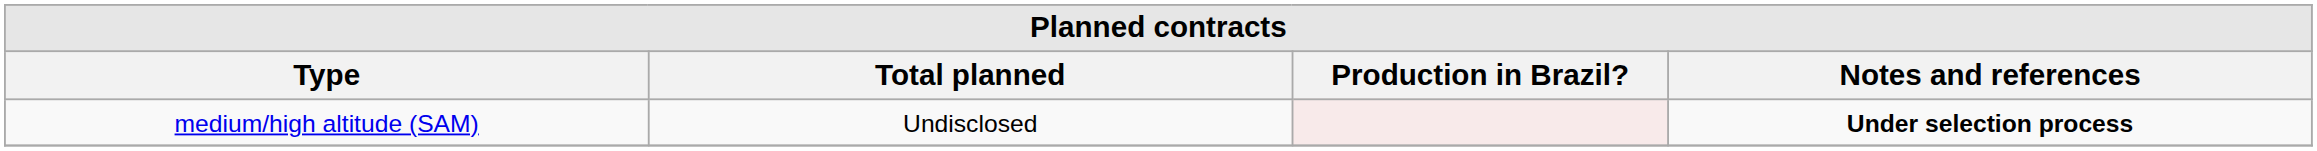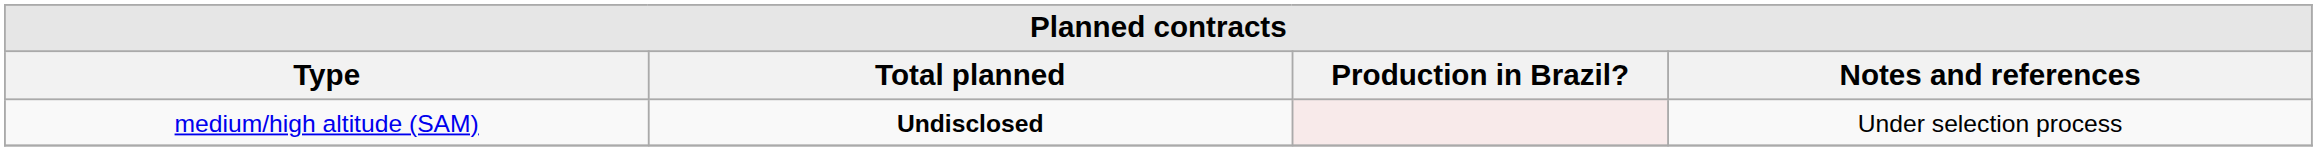 <table class="wikitable" style="text-align:center;">
 <tr>
 <th colspan="6" style="background: #E6E6E6;">Planned contracts</th>
 </tr>
 <tr>
 <th style="text-align:center; width:10%;">Type</th>
 <th style="text-align:center; width:10%;">Total planned</th>
 <th style="text-align:center; width:5%;">Production in Brazil?</th>
 <th style="text-align:center; width:10%;">Notes and references</th>
 </tr>
 <tr>
 <td><small><a href='#'>medium/high altitude (SAM)</a></small></td>
-<td><small>Undisclosed</small></td>
+<td><strong><small>Undisclosed</small></strong></td>
 <td style="background:#f8eaea"></td>
-<td><strong><small>Under selection process</small></strong></td>
+<td><small>Under selection process</small></td>
 </tr>
 <tr>
 </tr>
 </table>
